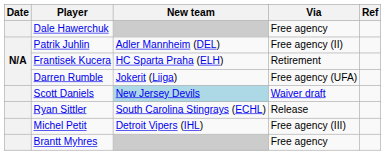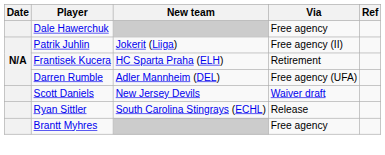 <table class="wikitable plainrowheaders">
 <tr style="background:#ddd; text-align:center;">
 <th>Date</th>
 <th>Player</th>
 <th>New team</th>
 <th>Via</th>
 <th>Ref</th>
 </tr>
 <tr>
 <th scope="row"></th>
 <td><a href='#'>Dale Hawerchuk</a></td>
 <td style="background:#ccc"></td>
 <td>Free agency</td>
 <td></td>
 </tr>
 <tr>
 <th scope="row" rowspan=3>N/A</th>
 <td><a href='#'>Patrik Juhlin</a></td>
-<td><a href='#'>Adler Mannheim</a> (<a href='#'>DEL</a>)</td>
+<td><a href='#'>Jokerit</a> (<a href='#'>Liiga</a>)</td>
 <td>Free agency (II)</td>
 <td></td>
 </tr>
 <tr>
 <td><a href='#'>Frantisek Kucera</a></td>
 <td><a href='#'>HC Sparta Praha</a> (<a href='#'>ELH</a>)</td>
 <td>Retirement</td>
 <td></td>
 </tr>
 <tr>
 <td><a href='#'>Darren Rumble</a></td>
-<td><a href='#'>Jokerit</a> (<a href='#'>Liiga</a>)</td>
+<td><a href='#'>Adler Mannheim</a> (<a href='#'>DEL</a>)</td>
 <td>Free agency (UFA)</td>
 <td></td>
 </tr>
 <tr>
 <th scope="row"></th>
 <td><a href='#'>Scott Daniels</a></td>
-<td style="background: lightblue;"><a href='#'>New Jersey Devils</a></td>
+<td><a href='#'>New Jersey Devils</a></td>
 <td><a href='#'>Waiver draft</a></td>
 <td></td>
 </tr>
 <tr>
 <th scope="row"></th>
 <td><a href='#'>Ryan Sittler</a></td>
 <td><a href='#'>South Carolina Stingrays</a> (<a href='#'>ECHL</a>)</td>
 <td>Release</td>
 <td></td>
 </tr>
 <tr>
 <th scope="row"></th>
-<td><a href='#'>Michel Petit</a></td>
-<td><a href='#'>Detroit Vipers</a> (<a href='#'>IHL</a>)</td>
-<td>Free agency (III)</td>
-<td></td>
-</tr>
-<tr>
-<th scope="row"></th>
 <td><a href='#'>Brantt Myhres</a></td>
 <td style="background:#ccc"></td>
 <td>Free agency</td>
 <td></td>
 </tr>
 </table>
